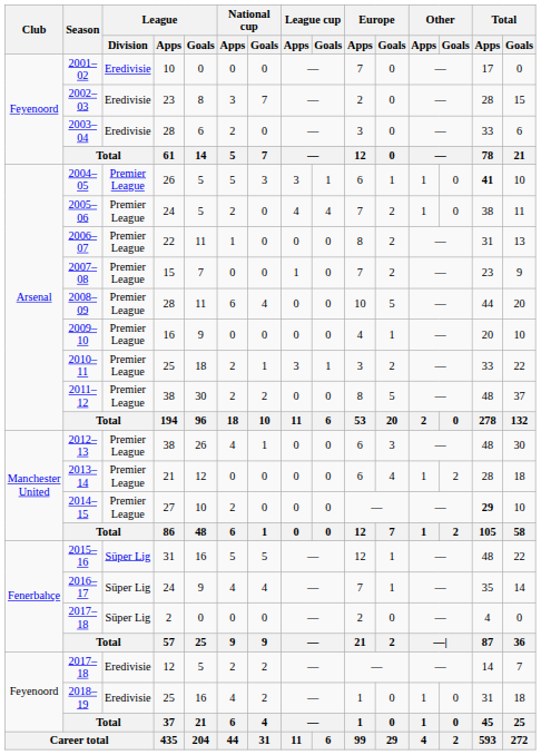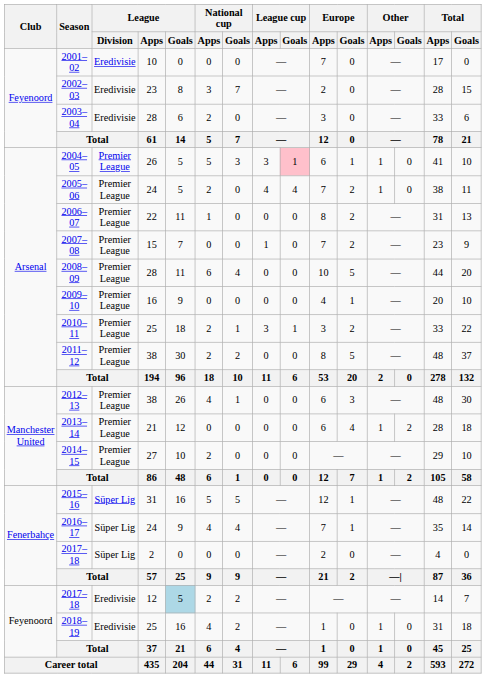 <table class="wikitable" style="text-align:center">
 <tr>
 <th rowspan="2">Club</th>
 <th rowspan="2">Season</th>
 <th colspan="3">League</th>
 <th colspan="2">National cup</th>
 <th colspan="2">League cup</th>
 <th colspan="2">Europe</th>
 <th colspan="2">Other</th>
 <th colspan="2">Total</th>
 </tr>
 <tr>
 <th>Division</th>
 <th>Apps</th>
 <th>Goals</th>
 <th>Apps</th>
 <th>Goals</th>
 <th>Apps</th>
 <th>Goals</th>
 <th>Apps</th>
 <th>Goals</th>
 <th>Apps</th>
 <th>Goals</th>
 <th>Apps</th>
 <th>Goals</th>
 </tr>
 <tr>
 <td rowspan="4"><a href='#'>Feyenoord</a></td>
 <td><a href='#'>2001–02</a></td>
 <td><a href='#'>Eredivisie</a></td>
 <td>10</td>
 <td>0</td>
 <td>0</td>
 <td>0</td>
 <td colspan="2">—</td>
 <td>7</td>
 <td>0</td>
 <td colspan="2">—</td>
 <td>17</td>
 <td>0</td>
 </tr>
 <tr>
 <td><a href='#'>2002–03</a></td>
 <td>Eredivisie</td>
 <td>23</td>
 <td>8</td>
 <td>3</td>
 <td>7</td>
 <td colspan="2">—</td>
 <td>2</td>
 <td>0</td>
 <td colspan="2">—</td>
 <td>28</td>
 <td>15</td>
 </tr>
 <tr>
 <td><a href='#'>2003–04</a></td>
 <td>Eredivisie</td>
 <td>28</td>
 <td>6</td>
 <td>2</td>
 <td>0</td>
 <td colspan="2">—</td>
 <td>3</td>
 <td>0</td>
 <td colspan="2">—</td>
 <td>33</td>
 <td>6</td>
 </tr>
 <tr>
 <th colspan="2">Total</th>
 <th>61</th>
 <th>14</th>
 <th>5</th>
 <th>7</th>
 <th colspan="2">—</th>
 <th>12</th>
 <th>0</th>
 <th colspan="2">—</th>
 <th>78</th>
 <th>21</th>
 </tr>
 <tr>
 <td rowspan="9"><a href='#'>Arsenal</a></td>
 <td><a href='#'>2004–05</a></td>
 <td><a href='#'>Premier League</a></td>
 <td>26</td>
 <td>5</td>
 <td>5</td>
 <td>3</td>
 <td>3</td>
-<td>1</td>
+<td style="background: pink;">1</td>
 <td>6</td>
 <td>1</td>
 <td>1</td>
 <td>0</td>
-<td><strong>41</strong></td>
+<td>41</td>
 <td>10</td>
 </tr>
 <tr>
 <td><a href='#'>2005–06</a></td>
 <td>Premier League</td>
 <td>24</td>
 <td>5</td>
 <td>2</td>
 <td>0</td>
 <td>4</td>
 <td>4</td>
 <td>7</td>
 <td>2</td>
 <td>1</td>
 <td>0</td>
 <td>38</td>
 <td>11</td>
 </tr>
 <tr>
 <td><a href='#'>2006–07</a></td>
 <td>Premier League</td>
 <td>22</td>
 <td>11</td>
 <td>1</td>
 <td>0</td>
 <td>0</td>
 <td>0</td>
 <td>8</td>
 <td>2</td>
 <td colspan="2">—</td>
 <td>31</td>
 <td>13</td>
 </tr>
 <tr>
 <td><a href='#'>2007–08</a></td>
 <td>Premier League</td>
 <td>15</td>
 <td>7</td>
 <td>0</td>
 <td>0</td>
 <td>1</td>
 <td>0</td>
 <td>7</td>
 <td>2</td>
 <td colspan="2">—</td>
 <td>23</td>
 <td>9</td>
 </tr>
 <tr>
 <td><a href='#'>2008–09</a></td>
 <td>Premier League</td>
 <td>28</td>
 <td>11</td>
 <td>6</td>
 <td>4</td>
 <td>0</td>
 <td>0</td>
 <td>10</td>
 <td>5</td>
 <td colspan="2">—</td>
 <td>44</td>
 <td>20</td>
 </tr>
 <tr>
 <td><a href='#'>2009–10</a></td>
 <td>Premier League</td>
 <td>16</td>
 <td>9</td>
 <td>0</td>
 <td>0</td>
 <td>0</td>
 <td>0</td>
 <td>4</td>
 <td>1</td>
 <td colspan="2">—</td>
 <td>20</td>
 <td>10</td>
 </tr>
 <tr>
 <td><a href='#'>2010–11</a></td>
 <td>Premier League</td>
 <td>25</td>
 <td>18</td>
 <td>2</td>
 <td>1</td>
 <td>3</td>
 <td>1</td>
 <td>3</td>
 <td>2</td>
 <td colspan="2">—</td>
 <td>33</td>
 <td>22</td>
 </tr>
 <tr>
 <td><a href='#'>2011–12</a></td>
 <td>Premier League</td>
 <td>38</td>
 <td>30</td>
 <td>2</td>
 <td>2</td>
 <td>0</td>
 <td>0</td>
 <td>8</td>
 <td>5</td>
 <td colspan="2">—</td>
 <td>48</td>
 <td>37</td>
 </tr>
 <tr>
 <th colspan="2">Total</th>
 <th>194</th>
 <th>96</th>
 <th>18</th>
 <th>10</th>
 <th>11</th>
 <th>6</th>
 <th>53</th>
 <th>20</th>
 <th>2</th>
 <th>0</th>
 <th>278</th>
 <th>132</th>
 </tr>
 <tr>
 <td rowspan="4"><a href='#'>Manchester United</a></td>
 <td><a href='#'>2012–13</a></td>
 <td>Premier League</td>
 <td>38</td>
 <td>26</td>
 <td>4</td>
 <td>1</td>
 <td>0</td>
 <td>0</td>
 <td>6</td>
 <td>3</td>
 <td colspan="2">—</td>
 <td>48</td>
 <td>30</td>
 </tr>
 <tr>
 <td><a href='#'>2013–14</a></td>
 <td>Premier League</td>
 <td>21</td>
 <td>12</td>
 <td>0</td>
 <td>0</td>
 <td>0</td>
 <td>0</td>
 <td>6</td>
 <td>4</td>
 <td>1</td>
 <td>2</td>
 <td>28</td>
 <td>18</td>
 </tr>
 <tr>
 <td><a href='#'>2014–15</a></td>
 <td>Premier League</td>
 <td>27</td>
 <td>10</td>
 <td>2</td>
 <td>0</td>
 <td>0</td>
 <td>0</td>
 <td colspan="2">—</td>
 <td colspan="2">—</td>
-<td><strong>29</strong></td>
+<td>29</td>
 <td>10</td>
 </tr>
 <tr>
 <th colspan="2">Total</th>
 <th>86</th>
 <th>48</th>
 <th>6</th>
 <th>1</th>
 <th>0</th>
 <th>0</th>
 <th>12</th>
 <th>7</th>
 <th>1</th>
 <th>2</th>
 <th>105</th>
 <th>58</th>
 </tr>
 <tr>
 <td rowspan="4"><a href='#'>Fenerbahçe</a></td>
 <td><a href='#'>2015–16</a></td>
 <td><a href='#'>Süper Lig</a></td>
 <td>31</td>
 <td>16</td>
 <td>5</td>
 <td>5</td>
 <td colspan="2">—</td>
 <td>12</td>
 <td>1</td>
 <td colspan="2">—</td>
 <td>48</td>
 <td>22</td>
 </tr>
 <tr>
 <td><a href='#'>2016–17</a></td>
 <td>Süper Lig</td>
 <td>24</td>
 <td>9</td>
 <td>4</td>
 <td>4</td>
 <td colspan="2">—</td>
 <td>7</td>
 <td>1</td>
 <td colspan="2">—</td>
 <td>35</td>
 <td>14</td>
 </tr>
 <tr>
 <td><a href='#'>2017–18</a></td>
 <td>Süper Lig</td>
 <td>2</td>
 <td>0</td>
 <td>0</td>
 <td>0</td>
 <td colspan="2">—</td>
 <td>2</td>
 <td>0</td>
 <td colspan="2">—</td>
 <td>4</td>
 <td>0</td>
 </tr>
 <tr>
 <th colspan="2">Total</th>
 <th>57</th>
 <th>25</th>
 <th>9</th>
 <th>9</th>
 <th colspan="2">—</th>
 <th>21</th>
 <th>2</th>
 <th colspan="2">—|</th>
 <th>87</th>
 <th>36</th>
 </tr>
 <tr>
 <td rowspan="3">Feyenoord</td>
 <td><a href='#'>2017–18</a></td>
 <td>Eredivisie</td>
 <td>12</td>
-<td>5</td>
+<td style="background: lightblue;">5</td>
 <td>2</td>
 <td>2</td>
 <td colspan="2">—</td>
 <td colspan="2">—</td>
 <td colspan="2">—</td>
 <td>14</td>
 <td>7</td>
 </tr>
 <tr>
 <td><a href='#'>2018–19</a></td>
 <td>Eredivisie</td>
 <td>25</td>
 <td>16</td>
 <td>4</td>
 <td>2</td>
 <td colspan="2">—</td>
 <td>1</td>
 <td>0</td>
 <td>1</td>
 <td>0</td>
 <td>31</td>
 <td>18</td>
 </tr>
 <tr>
 <th colspan="2">Total</th>
 <th>37</th>
 <th>21</th>
 <th>6</th>
 <th>4</th>
 <th colspan="2">—</th>
 <th>1</th>
 <th>0</th>
 <th>1</th>
 <th>0</th>
 <th>45</th>
 <th>25</th>
 </tr>
 <tr>
 <th colspan="3">Career total</th>
 <th>435</th>
 <th>204</th>
 <th>44</th>
 <th>31</th>
 <th>11</th>
 <th>6</th>
 <th>99</th>
 <th>29</th>
 <th>4</th>
 <th>2</th>
 <th>593</th>
 <th>272</th>
 </tr>
 </table>
